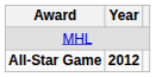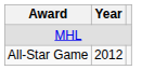 <table class="wikitable">
 <tr>
 <th>Award</th>
 <th>Year</th>
 <th></th>
 </tr>
 <tr ALIGN="center" bgcolor="#e0e0e0">
 <td colspan="3"><a href='#'>MHL</a></td>
 </tr>
 <tr>
-<td><strong>All-Star Game</strong></td>
-<td><strong>2012</strong></td>
+<td>All-Star Game</td>
+<td>2012</td>
 <td></td>
 </tr>
 </table>
